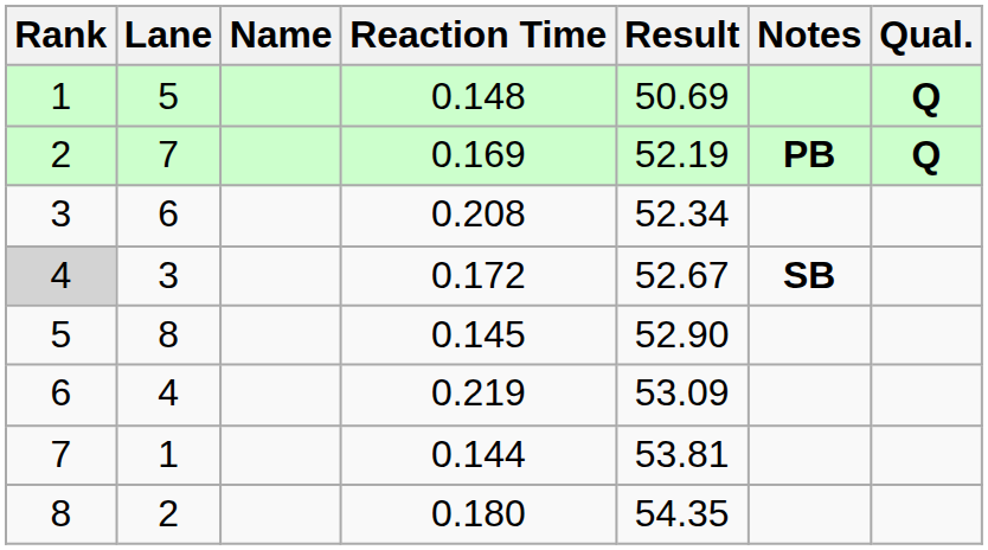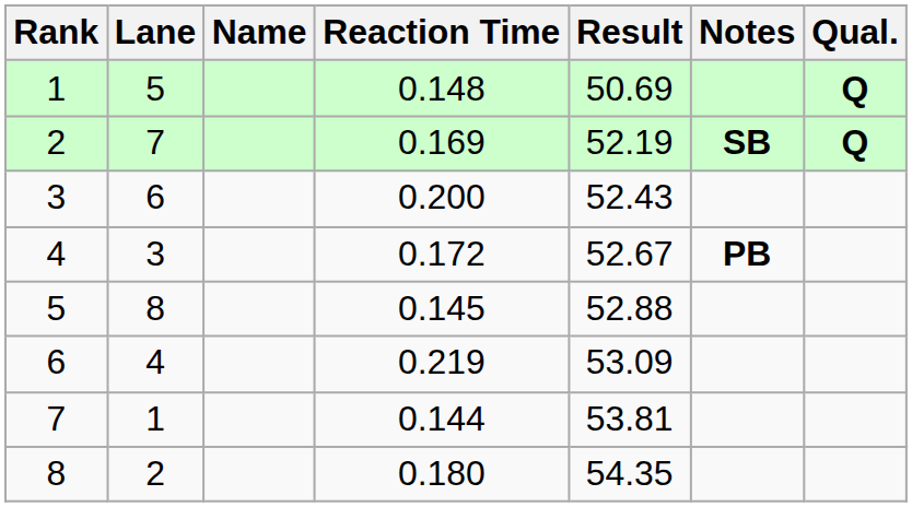 <table class="wikitable" style="text-align:center">
 <tr>
 <th>Rank</th>
 <th>Lane</th>
 <th>Name</th>
 <th>Reaction Time</th>
 <th>Result</th>
 <th>Notes</th>
 <th>Qual.</th>
 </tr>
 <tr bgcolor=ccffcc>
 <td>1</td>
 <td>5</td>
 <td align="left"></td>
 <td>0.148</td>
 <td>50.69</td>
 <td></td>
 <td><strong>Q</strong></td>
 </tr>
 <tr bgcolor=ccffcc>
 <td>2</td>
 <td>7</td>
 <td align="left"></td>
 <td>0.169</td>
 <td>52.19</td>
-<td><strong>PB</strong></td>
+<td><strong>SB</strong></td>
 <td><strong>Q</strong></td>
 </tr>
 <tr>
 <td>3</td>
 <td>6</td>
 <td align="left"></td>
-<td>0.208</td>
-<td>52.34</td>
+<td>0.200</td>
+<td>52.43</td>
 <td></td>
 <td></td>
 </tr>
 <tr>
-<td style="background: lightgrey;">4</td>
+<td>4</td>
 <td>3</td>
 <td align="left"></td>
 <td>0.172</td>
 <td>52.67</td>
-<td><strong>SB</strong></td>
+<td><strong>PB</strong></td>
 <td></td>
 </tr>
 <tr>
 <td>5</td>
 <td>8</td>
 <td align="left"></td>
 <td>0.145</td>
-<td>52.90</td>
+<td>52.88</td>
 <td></td>
 <td></td>
 </tr>
 <tr>
 <td>6</td>
 <td>4</td>
 <td align="left"></td>
 <td>0.219</td>
 <td>53.09</td>
 <td></td>
 <td></td>
 </tr>
 <tr>
 <td>7</td>
 <td>1</td>
 <td align="left"></td>
 <td>0.144</td>
 <td>53.81</td>
 <td></td>
 <td></td>
 </tr>
 <tr>
 <td>8</td>
 <td>2</td>
 <td align="left"></td>
 <td>0.180</td>
 <td>54.35</td>
 <td></td>
 <td></td>
 </tr>
 </table>
